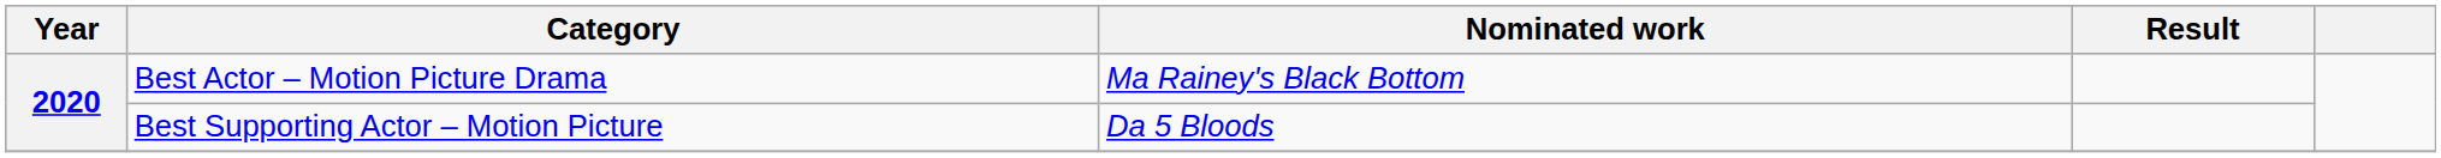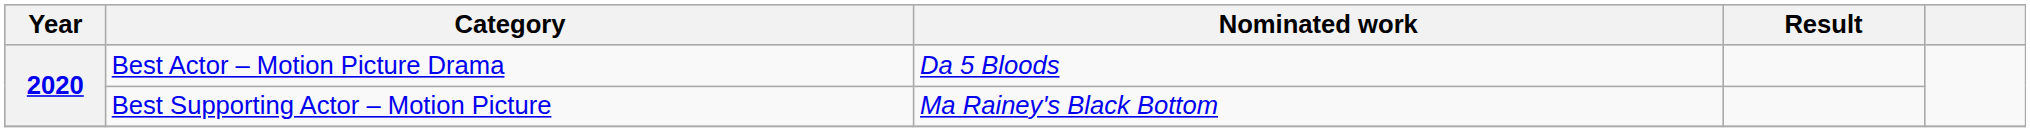 <table class="wikitable plainrowheaders" style="width:100%;">
 <tr>
 <th scope="col" style="width:5%;">Year</th>
 <th scope="col" style="width:40%;">Category</th>
 <th scope="col" style="width:40%;">Nominated work</th>
 <th scope="col" style="width:10%;">Result</th>
 <th scope="col" style="width:5%;"></th>
 </tr>
 <tr>
 <th scope="row" style="text-align:center;" rowspan="2"><a href='#'>2020</a></th>
 <td><a href='#'>Best Actor – Motion Picture Drama</a></td>
-<td><em><a href='#'>Ma Rainey's Black Bottom</a></em></td>
+<td><em><a href='#'>Da 5 Bloods</a></em></td>
 <td></td>
 <td rowspan="2" style="text-align:center;"></td>
 </tr>
 <tr>
 <td><a href='#'>Best Supporting Actor – Motion Picture</a></td>
-<td><em><a href='#'>Da 5 Bloods</a></em></td>
+<td><em><a href='#'>Ma Rainey's Black Bottom</a></em></td>
 <td></td>
 </tr>
 <tr>
 </tr>
 </table>
